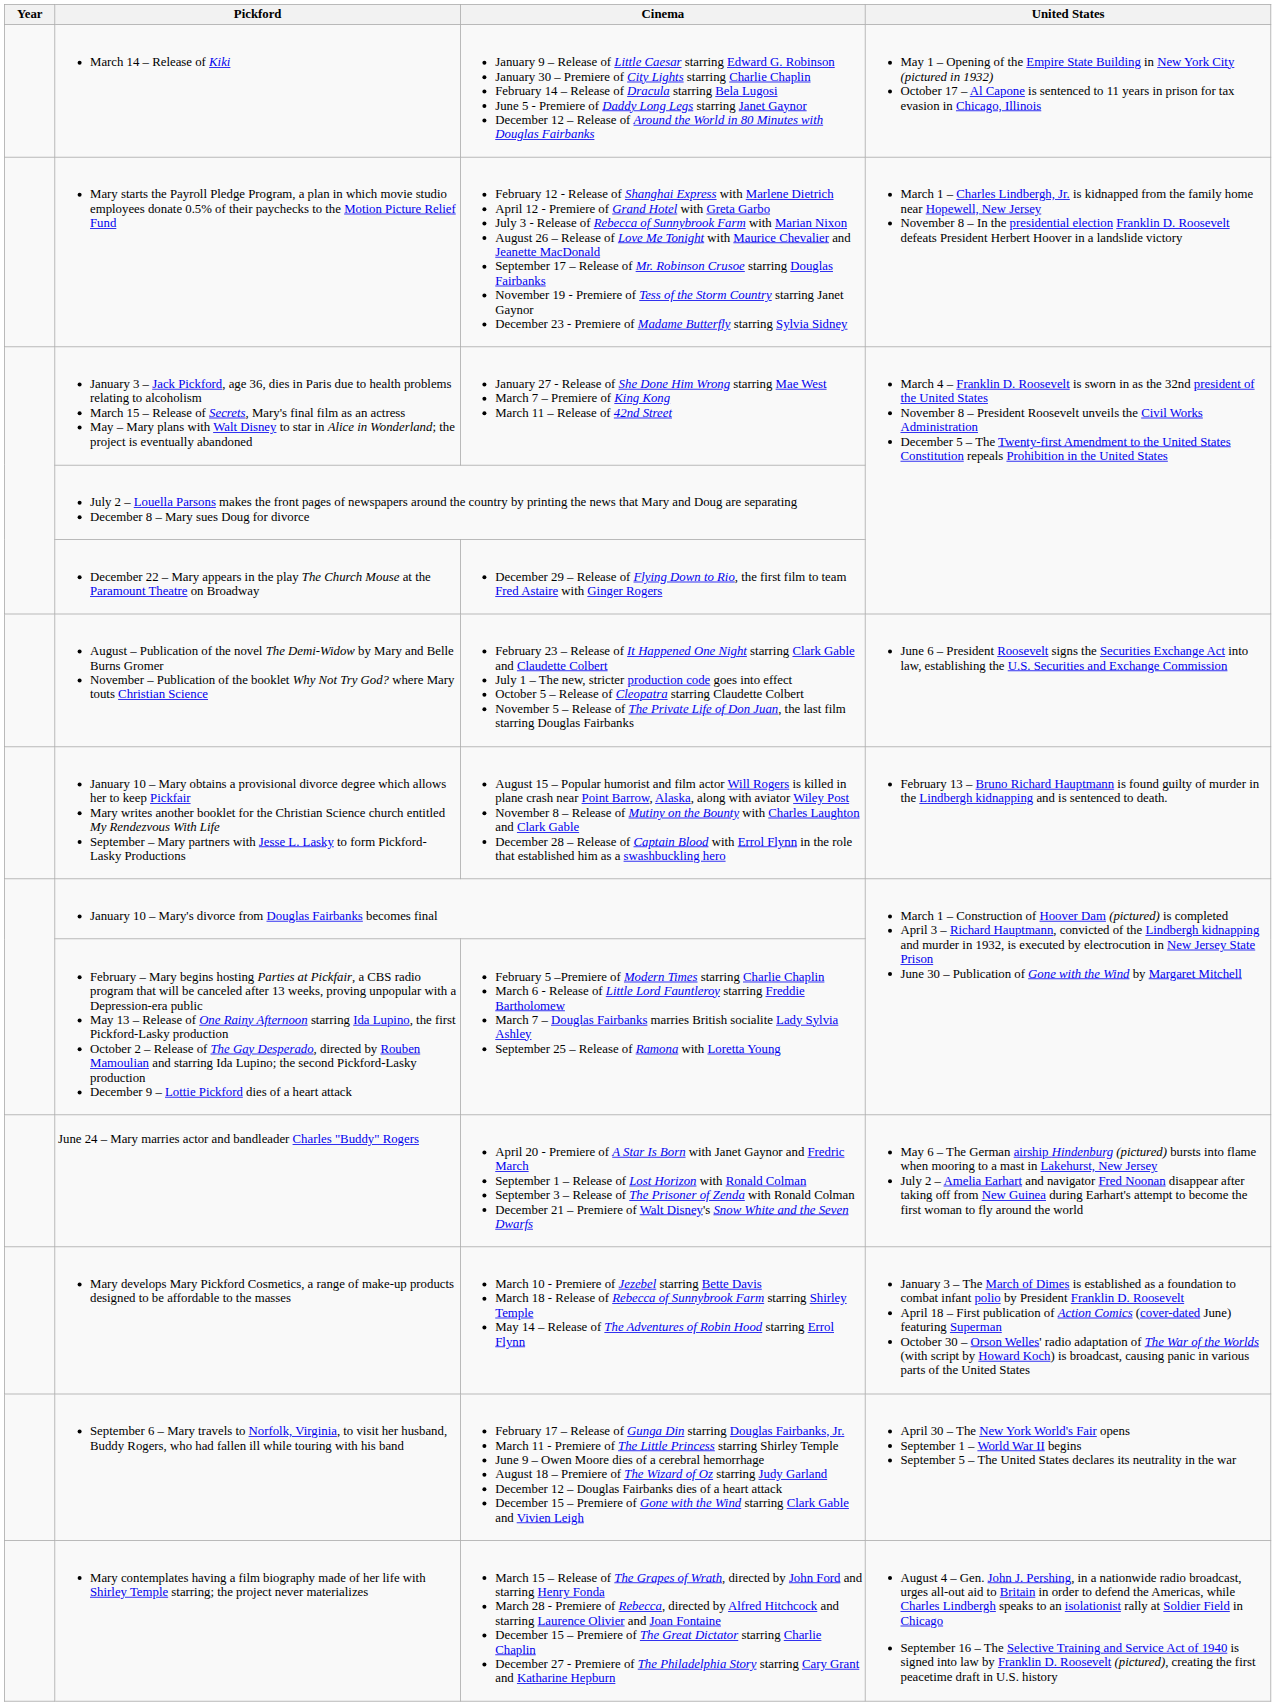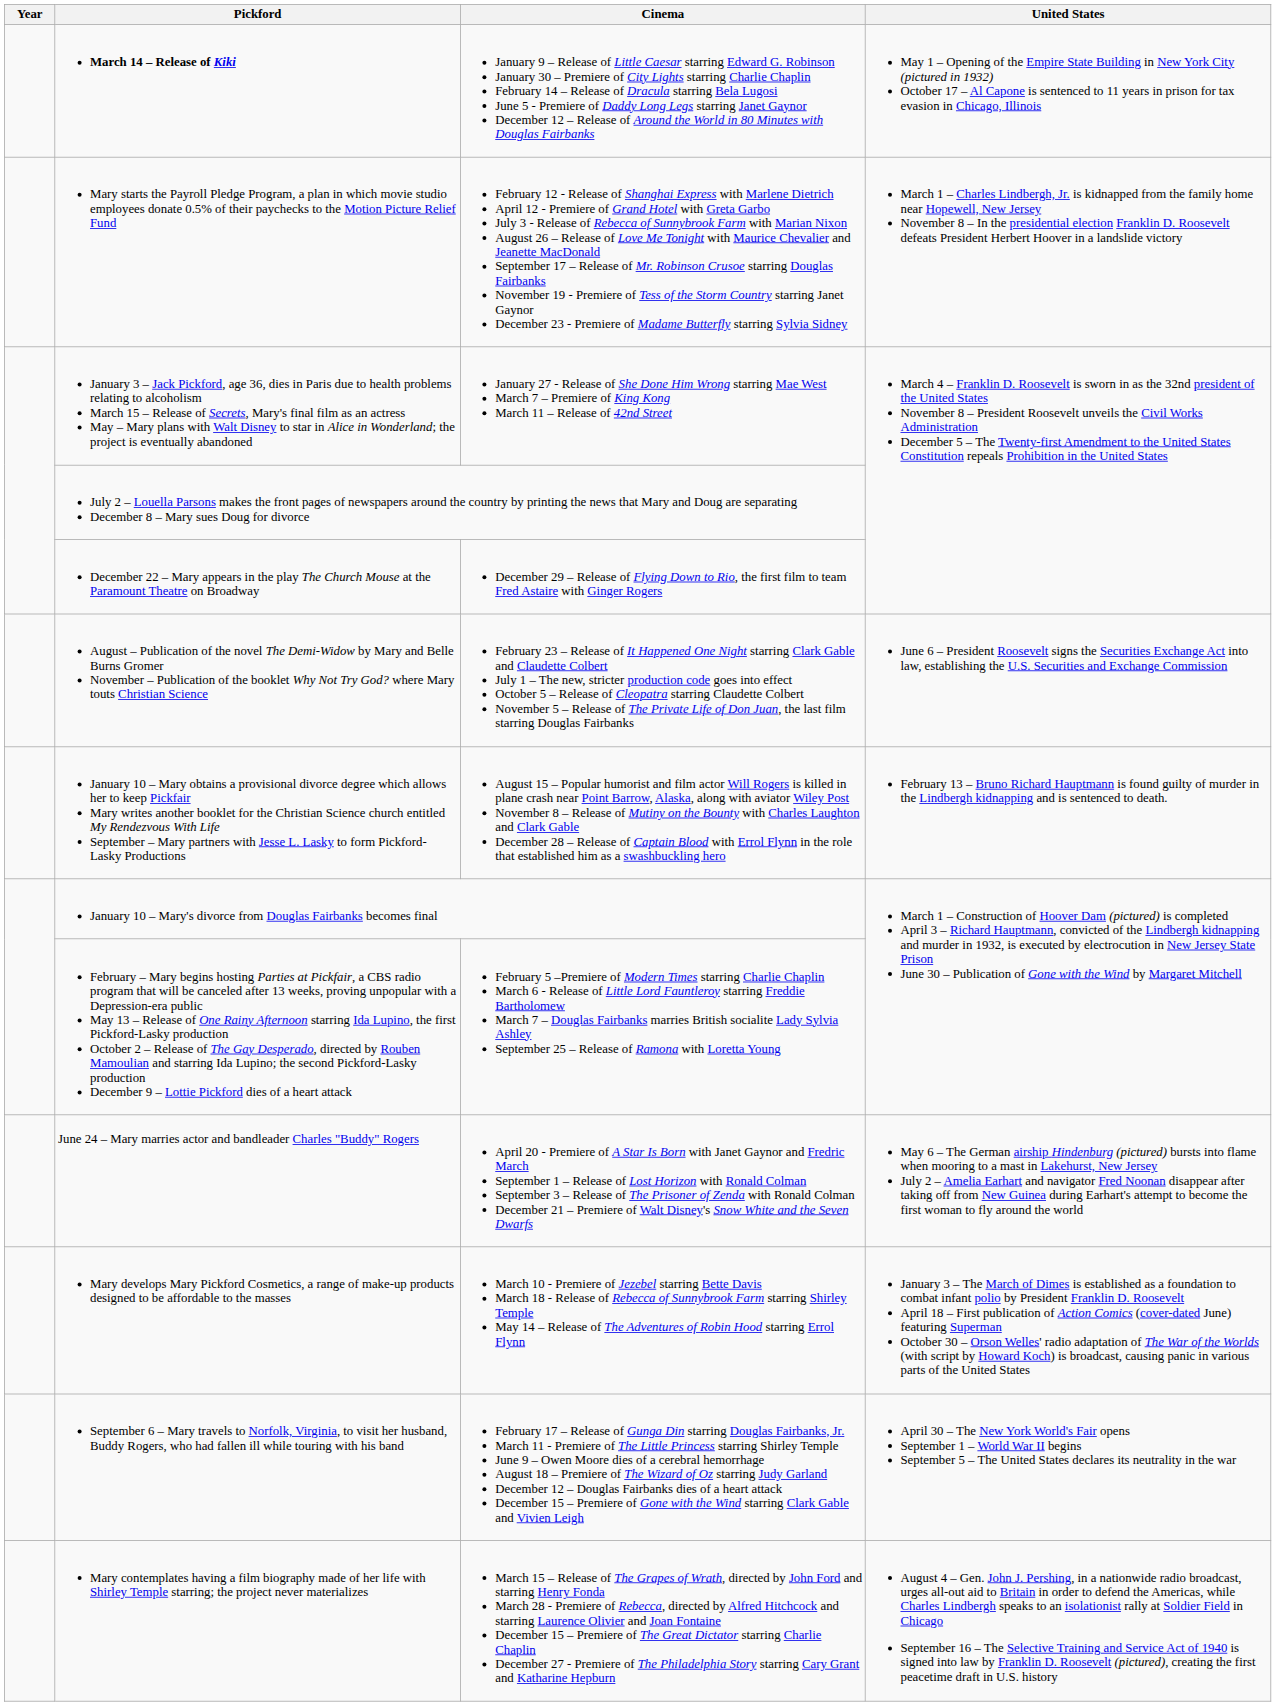 <table class="wikitable sticky-header" width=100%>
 <tr>
 <th width=4%>Year</th>
 <th width=32%>Pickford</th>
 <th width=32%>Cinema</th>
 <th width=32%>United States</th>
 </tr>
 <tr valign=top>
 <td><br></td>
-<td><br><ul><li>March 14 – Release of <em><a href='#'>Kiki</a></em></li></ul></td>
+<td><strong><br><ul><li>March 14 – Release of <em><a href='#'>Kiki</a></em></li></ul></strong></td>
 <td><br><ul><li>January 9 – Release of <em><a href='#'>Little Caesar</a></em> starring <a href='#'>Edward G. Robinson</a></li><li>January 30 – Premiere of <em><a href='#'>City Lights</a></em> starring <a href='#'>Charlie Chaplin</a></li><li>February 14 – Release of <em><a href='#'>Dracula</a></em> starring <a href='#'>Bela Lugosi</a></li><li>June 5 - Premiere of <em><a href='#'>Daddy Long Legs</a></em> starring <a href='#'>Janet Gaynor</a></li><li>December 12 – Release of <em><a href='#'>Around the World in 80 Minutes with Douglas Fairbanks</a></em></li></ul></td>
 <td><br><ul><li>May 1 – Opening of the <a href='#'>Empire State Building</a> in <a href='#'>New York City</a> <em>(pictured in 1932)</em></li><li>October 17 – <a href='#'>Al Capone</a> is sentenced to 11 years in prison for tax evasion in <a href='#'>Chicago, Illinois</a></li></ul></td>
 </tr>
 <tr valign=top>
 <td><br></td>
 <td><br><ul><li>Mary starts the Payroll Pledge Program, a plan in which movie studio employees donate 0.5% of their paychecks to the <a href='#'>Motion Picture Relief Fund</a></li></ul></td>
 <td><br><ul><li>February 12 - Release of <em><a href='#'>Shanghai Express</a></em> with <a href='#'>Marlene Dietrich</a></li><li>April 12 - Premiere of <em><a href='#'>Grand Hotel</a></em> with <a href='#'>Greta Garbo</a></li><li>July 3 - Release of <em><a href='#'>Rebecca of Sunnybrook Farm</a></em> with <a href='#'>Marian Nixon</a></li><li>August 26 – Release of <em><a href='#'>Love Me Tonight</a></em> with <a href='#'>Maurice Chevalier</a> and <a href='#'>Jeanette MacDonald</a></li><li>September 17 – Release of <em><a href='#'>Mr. Robinson Crusoe</a></em> starring <a href='#'>Douglas Fairbanks</a></li><li>November 19 - Premiere of <em><a href='#'>Tess of the Storm Country</a></em> starring Janet Gaynor</li><li>December 23 - Premiere of <em><a href='#'>Madame Butterfly</a></em> starring <a href='#'>Sylvia Sidney</a></li></ul></td>
 <td><br><ul><li>March 1 – <a href='#'>Charles Lindbergh, Jr.</a> is kidnapped from the family home near <a href='#'>Hopewell, New Jersey</a></li><li>November 8 – In the <a href='#'>presidential election</a> <a href='#'>Franklin D. Roosevelt</a> defeats President Herbert Hoover in a landslide victory</li></ul></td>
 </tr>
 <tr valign=top>
 <td rowspan=3><br></td>
 <td><br><ul><li>January 3 – <a href='#'>Jack Pickford</a>, age 36, dies in Paris due to health problems relating to alcoholism</li><li>March 15 – Release of <em><a href='#'>Secrets</a></em>, Mary's final film as an actress</li><li>May – Mary plans with <a href='#'>Walt Disney</a> to star in <em>Alice in Wonderland</em>; the project is eventually abandoned</li></ul></td>
 <td><br><ul><li>January 27 - Release of <em><a href='#'>She Done Him Wrong</a></em> starring <a href='#'>Mae West</a></li><li>March 7 – Premiere of <em><a href='#'>King Kong</a></em></li><li>March 11 – Release of <em><a href='#'>42nd Street</a></em></li></ul></td>
 <td rowspan=3><br><ul><li>March 4 – <a href='#'>Franklin D. Roosevelt</a> is sworn in as the 32nd <a href='#'>president of the United States</a></li><li>November 8 – President Roosevelt unveils the <a href='#'>Civil Works Administration</a></li><li>December 5 – The <a href='#'>Twenty-first Amendment to the United States Constitution</a> repeals <a href='#'>Prohibition in the United States</a></li></ul></td>
 </tr>
 <tr>
 <td colspan=2><br><ul><li>July 2 – <a href='#'>Louella Parsons</a> makes the front pages of newspapers around the country by printing the news that Mary and Doug are separating</li><li>December 8 – Mary sues Doug for divorce</li></ul></td>
 </tr>
 <tr>
 <td><br><ul><li>December 22 – Mary appears in the play <em>The Church Mouse</em> at the <a href='#'>Paramount Theatre</a> on Broadway</li></ul></td>
 <td><br><ul><li>December 29 – Release of <em><a href='#'>Flying Down to Rio</a></em>, the first film to team <a href='#'>Fred Astaire</a> with <a href='#'>Ginger Rogers</a></li></ul></td>
 </tr>
 <tr valign=top>
 <td><br></td>
 <td><br><ul><li>August – Publication of the novel <em>The Demi-Widow</em> by Mary and Belle Burns Gromer</li><li>November – Publication of the booklet <em>Why Not Try God?</em> where Mary touts <a href='#'>Christian Science</a></li></ul></td>
 <td><br><ul><li>February 23 – Release of <em><a href='#'>It Happened One Night</a></em> starring <a href='#'>Clark Gable</a> and <a href='#'>Claudette Colbert</a></li><li>July 1 – The new, stricter <a href='#'>production code</a> goes into effect</li><li>October 5 – Release of <em><a href='#'>Cleopatra</a></em> starring Claudette Colbert</li><li>November 5 – Release of <em><a href='#'>The Private Life of Don Juan</a></em>, the last film starring Douglas Fairbanks</li></ul></td>
 <td><br><ul><li>June 6 – President <a href='#'>Roosevelt</a> signs the <a href='#'>Securities Exchange Act</a> into law, establishing the <a href='#'>U.S. Securities and Exchange Commission</a></li></ul></td>
 </tr>
 <tr valign=top>
 <td><br></td>
 <td><br><ul><li>January 10 – Mary obtains a provisional divorce degree which allows her to keep <a href='#'>Pickfair</a></li><li>Mary writes another booklet for the Christian Science church entitled <em>My Rendezvous With Life</em></li><li>September – Mary partners with <a href='#'>Jesse L. Lasky</a> to form Pickford-Lasky Productions</li></ul></td>
 <td><br><ul><li>August 15 – Popular humorist and film actor <a href='#'>Will Rogers</a> is killed in plane crash near <a href='#'>Point Barrow</a>, <a href='#'>Alaska</a>, along with aviator <a href='#'>Wiley Post</a></li><li>November 8 – Release of <em><a href='#'>Mutiny on the Bounty</a></em> with <a href='#'>Charles Laughton</a> and <a href='#'>Clark Gable</a></li><li>December 28 – Release of <em><a href='#'>Captain Blood</a></em> with <a href='#'>Errol Flynn</a> in the role that established him as a <a href='#'>swashbuckling hero</a></li></ul></td>
 <td><br><ul><li>February 13 – <a href='#'>Bruno Richard Hauptmann</a> is found guilty of murder in the <a href='#'>Lindbergh kidnapping</a> and is sentenced to death.</li></ul></td>
 </tr>
 <tr valign=top>
 <td rowspan=2><br></td>
 <td colspan=2><br><ul><li>January 10 – Mary's divorce from <a href='#'>Douglas Fairbanks</a> becomes final</li></ul></td>
 <td rowspan=2><br><ul><li>March 1 – Construction of <a href='#'>Hoover Dam</a> <em>(pictured)</em> is completed</li><li>April 3 – <a href='#'>Richard Hauptmann</a>, convicted of the <a href='#'>Lindbergh kidnapping</a> and murder in 1932, is executed by electrocution in <a href='#'>New Jersey State Prison</a></li><li>June 30 – Publication of <em><a href='#'>Gone with the Wind</a></em> by <a href='#'>Margaret Mitchell</a></li></ul></td>
 </tr>
 <tr>
 <td valign=top><br><ul><li>February – Mary begins hosting <em>Parties at Pickfair</em>, a CBS radio program that will be canceled after 13 weeks, proving unpopular with a Depression-era public</li><li>May 13 – Release of <em><a href='#'>One Rainy Afternoon</a></em> starring <a href='#'>Ida Lupino</a>, the first Pickford-Lasky production</li><li>October 2 – Release of <em><a href='#'>The Gay Desperado</a></em>, directed by <a href='#'>Rouben Mamoulian</a> and starring Ida Lupino; the second Pickford-Lasky production</li><li>December 9 – <a href='#'>Lottie Pickford</a> dies of a heart attack</li></ul></td>
 <td valign=top><br><ul><li>February 5 –Premiere of <em><a href='#'>Modern Times</a></em> starring <a href='#'>Charlie Chaplin</a></li><li>March 6 - Release of <em><a href='#'>Little Lord Fauntleroy</a></em> starring <a href='#'>Freddie Bartholomew</a></li><li>March 7 – <a href='#'>Douglas Fairbanks</a> marries British socialite <a href='#'>Lady Sylvia Ashley</a></li><li>September 25 – Release of <em><a href='#'>Ramona</a></em> with <a href='#'>Loretta Young</a></li></ul></td>
 </tr>
 <tr valign=top>
 <td><br></td>
 <td><br> June 24 – Mary marries actor and bandleader <a href='#'>Charles "Buddy" Rogers</a></td>
 <td><br><ul><li>April 20 - Premiere of <em><a href='#'>A Star Is Born</a></em> with Janet Gaynor and <a href='#'>Fredric March</a></li><li>September 1 – Release of <em><a href='#'>Lost Horizon</a></em> with <a href='#'>Ronald Colman</a></li><li>September 3 – Release of <em><a href='#'>The Prisoner of Zenda</a></em> with Ronald Colman</li><li>December 21 – Premiere of <a href='#'>Walt Disney</a>'s <em><a href='#'>Snow White and the Seven Dwarfs</a></em></li></ul></td>
 <td><br><ul><li>May 6 – The German <a href='#'>airship <em>Hindenburg</em></a> <em>(pictured)</em> bursts into flame when mooring to a mast in <a href='#'>Lakehurst, New Jersey</a></li><li>July 2 – <a href='#'>Amelia Earhart</a> and navigator <a href='#'>Fred Noonan</a> disappear after taking off from <a href='#'>New Guinea</a> during Earhart's attempt to become the first woman to fly around the world</li></ul></td>
 </tr>
 <tr valign=top>
 <td><br></td>
 <td><br><ul><li>Mary develops Mary Pickford Cosmetics, a range of make-up products designed to be affordable to the masses</li></ul></td>
 <td><br><ul><li>March 10 - Premiere of <em><a href='#'>Jezebel</a></em> starring <a href='#'>Bette Davis</a></li><li>March 18 - Release of <em><a href='#'>Rebecca of Sunnybrook Farm</a></em> starring <a href='#'>Shirley Temple</a></li><li>May 14 – Release of <em><a href='#'>The Adventures of Robin Hood</a></em> starring <a href='#'>Errol Flynn</a></li></ul></td>
 <td><br><ul><li>January 3 – The <a href='#'>March of Dimes</a> is established as a foundation to combat infant <a href='#'>polio</a> by President <a href='#'>Franklin D. Roosevelt</a></li><li>April 18 – First publication of <em><a href='#'>Action Comics</a></em> (<a href='#'>cover-dated</a> June) featuring <a href='#'>Superman</a></li><li>October 30 – <a href='#'>Orson Welles</a>' radio adaptation of <em><a href='#'>The War of the Worlds</a></em> (with script by <a href='#'>Howard Koch</a>) is broadcast, causing panic in various parts of the United States</li></ul></td>
 </tr>
 <tr valign=top>
 <td><br></td>
 <td><br><ul><li>September 6 – Mary travels to <a href='#'>Norfolk, Virginia</a>, to visit her husband, Buddy Rogers, who had fallen ill while touring with his band</li></ul></td>
 <td><br><ul><li>February 17 – Release of <em><a href='#'>Gunga Din</a></em> starring <a href='#'>Douglas Fairbanks, Jr.</a></li><li>March 11 - Premiere of <em><a href='#'>The Little Princess</a></em> starring Shirley Temple</li><li>June 9 – Owen Moore dies of a cerebral hemorrhage</li><li>August 18 – Premiere of <em><a href='#'>The Wizard of Oz</a></em> starring <a href='#'>Judy Garland</a></li><li>December 12 – Douglas Fairbanks dies of a heart attack</li><li>December 15 – Premiere of <em><a href='#'>Gone with the Wind</a></em> starring <a href='#'>Clark Gable</a> and <a href='#'>Vivien Leigh</a></li></ul></td>
 <td><br><ul><li>April 30 – The <a href='#'>New York World's Fair</a> opens</li><li>September 1 – <a href='#'>World War II</a> begins</li><li>September 5 – The United States declares its neutrality in the war</li></ul></td>
 </tr>
 <tr valign=top>
 <td><br></td>
 <td><br><ul><li>Mary contemplates having a film biography made of her life with <a href='#'>Shirley Temple</a> starring; the project never materializes</li></ul></td>
 <td><br><ul><li>March 15 – Release of <em><a href='#'>The Grapes of Wrath</a></em>, directed by <a href='#'>John Ford</a> and starring <a href='#'>Henry Fonda</a></li><li>March 28 - Premiere of <em><a href='#'>Rebecca</a></em>, directed by <a href='#'>Alfred Hitchcock</a> and starring <a href='#'>Laurence Olivier</a> and <a href='#'>Joan Fontaine</a></li><li>December 15 – Premiere of <em><a href='#'>The Great Dictator</a></em> starring <a href='#'>Charlie Chaplin</a></li><li>December 27 - Premiere of <em><a href='#'>The Philadelphia Story</a></em> starring <a href='#'>Cary Grant</a> and <a href='#'>Katharine Hepburn</a></li></ul></td>
 <td><br><ul><li>August 4 – Gen. <a href='#'>John J. Pershing</a>, in a nationwide radio broadcast, urges all-out aid to <a href='#'>Britain</a> in order to defend the Americas, while <a href='#'>Charles Lindbergh</a> speaks to an <a href='#'>isolationist</a> rally at <a href='#'>Soldier Field</a> in <a href='#'>Chicago</a></li></ul><ul><li>September 16 – The <a href='#'>Selective Training and Service Act of 1940</a> is signed into law by <a href='#'>Franklin D. Roosevelt</a> <em>(pictured)</em>, creating the first peacetime draft in U.S. history</li></ul></td>
 </tr>
 </table>
